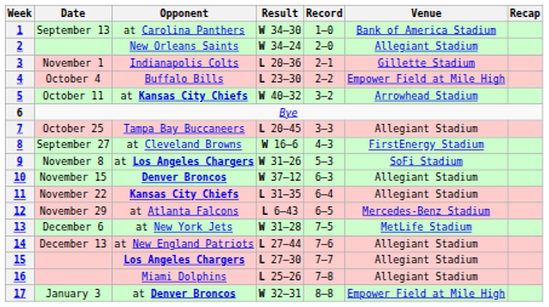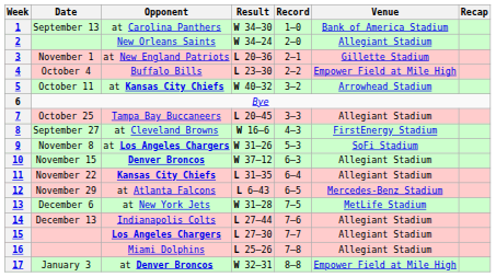 <table class="wikitable" style="text-align:center">
 <tr>
 <th>Week</th>
 <th>Date</th>
 <th>Opponent</th>
 <th>Result</th>
 <th>Record</th>
 <th>Venue</th>
 <th>Recap</th>
 </tr>
 <tr style="background:#cfc">
 <th><a href='#'>1</a></th>
 <td>September 13</td>
 <td>at <a href='#'>Carolina Panthers</a></td>
 <td><strong>W</strong> 34–30</td>
 <td>1–0</td>
 <td><a href='#'>Bank of America Stadium</a></td>
 <td></td>
 </tr>
 <tr style="background:#cfc">
 <th><a href='#'>2</a></th>
 <td></td>
 <td><a href='#'>New Orleans Saints</a></td>
 <td><strong>W</strong> 34–24</td>
 <td>2–0</td>
 <td><a href='#'>Allegiant Stadium</a></td>
 <td></td>
 </tr>
 <tr style="background:#fcc">
 <th><a href='#'>3</a></th>
 <td>November 1</td>
-<td><a href='#'>Indianapolis Colts</a></td>
+<td>at <a href='#'>New England Patriots</a></td>
 <td><strong>L</strong> 20–36</td>
 <td>2–1</td>
 <td><a href='#'>Gillette Stadium</a></td>
 <td></td>
 </tr>
 <tr style="background:#fcc">
 <th><a href='#'>4</a></th>
 <td>October 4</td>
 <td><a href='#'>Buffalo Bills</a></td>
 <td><strong>L</strong> 23–30</td>
 <td>2–2</td>
 <td><a href='#'>Empower Field at Mile High</a></td>
 <td></td>
 </tr>
 <tr style="background:#cfc">
 <th><a href='#'>5</a></th>
 <td>October 11</td>
 <td>at <strong><a href='#'>Kansas City Chiefs</a></strong></td>
 <td><strong>W</strong> 40–32</td>
 <td>3–2</td>
 <td><a href='#'>Arrowhead Stadium</a></td>
 <td></td>
 </tr>
 <tr>
 <th>6</th>
 <td colspan="6"><em><a href='#'>Bye</a></em></td>
 </tr>
 <tr style="background:#fcc">
 <th><a href='#'>7</a></th>
 <td>October 25</td>
 <td><a href='#'>Tampa Bay Buccaneers</a></td>
 <td><strong>L</strong> 20–45</td>
 <td>3–3</td>
 <td>Allegiant Stadium</td>
 <td></td>
 </tr>
 <tr style="background:#cfc">
 <th><a href='#'>8</a></th>
 <td>September 27</td>
 <td>at <a href='#'>Cleveland Browns</a></td>
 <td><strong>W</strong> 16–6</td>
 <td>4–3</td>
 <td><a href='#'>FirstEnergy Stadium</a></td>
 <td></td>
 </tr>
 <tr style="background:#cfc">
 <th><a href='#'>9</a></th>
 <td>November 8</td>
 <td>at <strong><a href='#'>Los Angeles Chargers</a></strong></td>
 <td><strong>W</strong> 31–26</td>
 <td>5–3</td>
 <td><a href='#'>SoFi Stadium</a></td>
 <td></td>
 </tr>
 <tr style="background:#cfc">
 <th><a href='#'>10</a></th>
 <td>November 15</td>
 <td><strong><a href='#'>Denver Broncos</a></strong></td>
 <td><strong>W</strong> 37–12</td>
 <td>6–3</td>
 <td>Allegiant Stadium</td>
 <td></td>
 </tr>
 <tr style="background:#fcc">
 <th><a href='#'>11</a></th>
 <td>November 22</td>
 <td><strong><a href='#'>Kansas City Chiefs</a></strong></td>
 <td><strong>L</strong> 31–35</td>
 <td>6–4</td>
 <td>Allegiant Stadium</td>
 <td></td>
 </tr>
 <tr style="background:#fcc">
 <th><a href='#'>12</a></th>
 <td>November 29</td>
 <td>at <a href='#'>Atlanta Falcons</a></td>
 <td><strong>L</strong> 6–43</td>
 <td>6–5</td>
 <td><a href='#'>Mercedes-Benz Stadium</a></td>
 <td></td>
 </tr>
 <tr style="background:#cfc">
 <th><a href='#'>13</a></th>
 <td>December 6</td>
 <td>at <a href='#'>New York Jets</a></td>
 <td><strong>W</strong> 31–28</td>
 <td>7–5</td>
 <td><a href='#'>MetLife Stadium</a></td>
 <td></td>
 </tr>
 <tr style="background:#fcc">
 <th><a href='#'>14</a></th>
 <td>December 13</td>
-<td>at <a href='#'>New England Patriots</a></td>
+<td><a href='#'>Indianapolis Colts</a></td>
 <td><strong>L</strong> 27–44</td>
 <td>7–6</td>
 <td>Allegiant Stadium</td>
 <td></td>
 </tr>
 <tr style="background:#fcc">
 <th><a href='#'>15</a></th>
 <td></td>
 <td><strong><a href='#'>Los Angeles Chargers</a></strong></td>
 <td><strong>L</strong> 27–30 </td>
 <td>7–7</td>
 <td>Allegiant Stadium</td>
 <td></td>
 </tr>
 <tr style="background:#fcc">
 <th><a href='#'>16</a></th>
 <td></td>
 <td><a href='#'>Miami Dolphins</a></td>
 <td><strong>L</strong> 25–26</td>
 <td>7–8</td>
 <td>Allegiant Stadium</td>
 <td></td>
 </tr>
 <tr style="background:#cfc">
 <th><a href='#'>17</a></th>
 <td>January 3</td>
 <td>at <strong><a href='#'>Denver Broncos</a></strong></td>
 <td><strong>W</strong> 32–31</td>
 <td>8–8</td>
 <td><a href='#'>Empower Field at Mile High</a></td>
 <td></td>
 </tr>
 </table>
